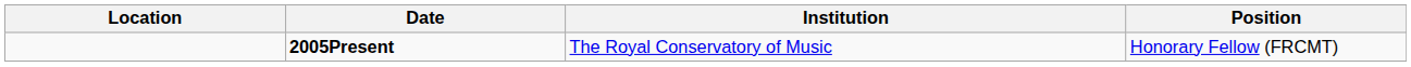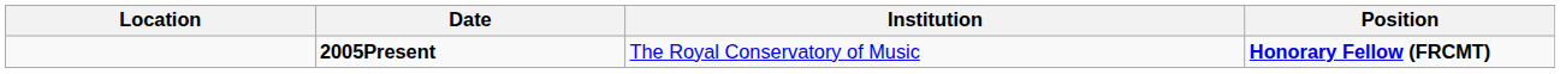 <table class="wikitable" style="width:100%;">
 <tr>
 <th style="width:20%;">Location</th>
 <th style="width:20%;">Date</th>
 <th style="width:40%;">Institution</th>
 <th style="width:20%;">Position</th>
 </tr>
 <tr>
 <td></td>
 <td><strong>2005Present</strong></td>
 <td><a href='#'>The Royal Conservatory of Music</a></td>
-<td><a href='#'>Honorary Fellow</a> (FRCMT)</td>
+<td><strong><a href='#'>Honorary Fellow</a> (FRCMT)</strong></td>
 </tr>
 <tr>
 </tr>
 </table>
